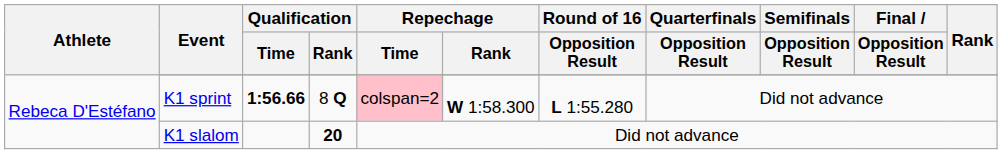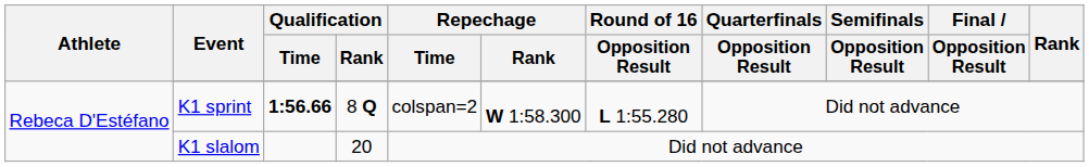 <table class="wikitable" style="font-size:90%">
 <tr>
 <th rowspan=2>Athlete</th>
 <th rowspan=2>Event</th>
 <th colspan=2>Qualification</th>
 <th colspan=2>Repechage</th>
 <th>Round of 16</th>
 <th>Quarterfinals</th>
 <th>Semifinals</th>
 <th>Final / </th>
 <th rowspan=2>Rank</th>
 </tr>
 <tr style="font-size:95%">
 <th>Time</th>
 <th>Rank</th>
 <th>Time</th>
 <th>Rank</th>
 <th>Opposition <br>Result</th>
 <th>Opposition <br>Result</th>
 <th>Opposition <br>Result</th>
 <th>Opposition <br>Result</th>
 </tr>
 <tr align="center">
 <td align="left" rowspan=4><a href='#'>Rebeca D'Estéfano</a></td>
 </tr>
 <tr align=center>
 <td align="left"><a href='#'>K1 sprint</a></td>
 <td><strong>1:56.66</strong></td>
 <td>8 <strong>Q</strong></td>
-<td style="background: pink;">colspan=2 </td>
+<td>colspan=2 </td>
 <td><br><strong>W</strong> 1:58.300</td>
 <td><br><strong>L</strong> 1:55.280</td>
 <td colspan=4>Did not advance</td>
 </tr>
 <tr align=center>
 <td align="left"><a href='#'>K1 slalom</a></td>
 <td></td>
-<td><strong>20</strong></td>
+<td>20</td>
 <td colspan=7>Did not advance</td>
 </tr>
 </table>
